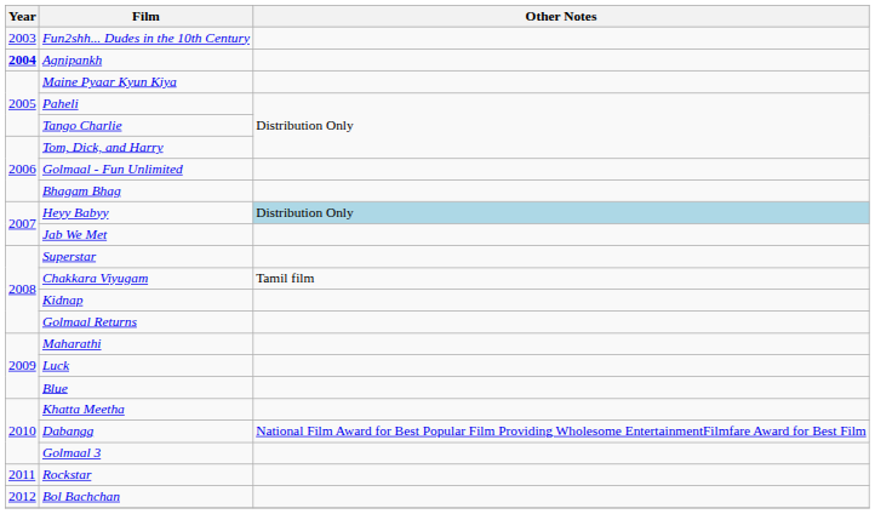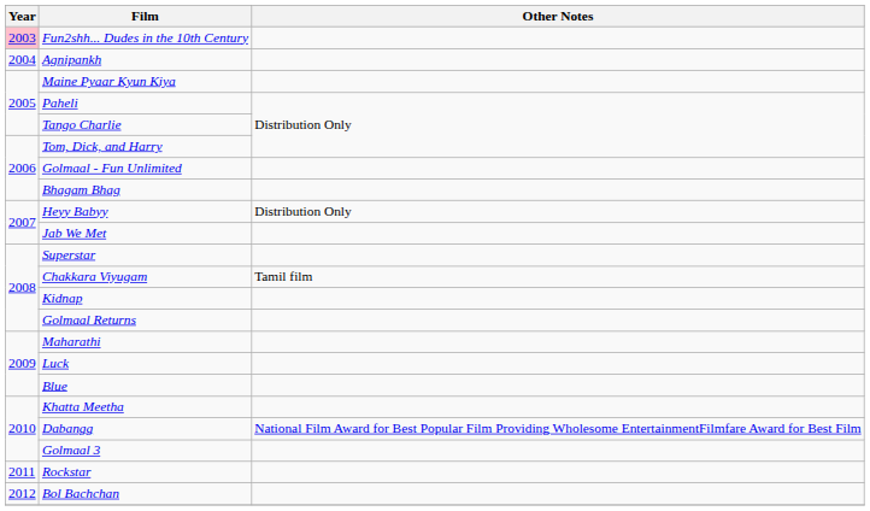 <table class="wikitable">
 <tr style="background:#ccc; text-align:center;">
 <th>Year</th>
 <th>Film</th>
 <th>Other Notes</th>
 </tr>
 <tr>
-<td><a href='#'>2003</a></td>
+<td style="background: pink;"><a href='#'>2003</a></td>
 <td><em><a href='#'>Fun2shh... Dudes in the 10th Century</a></em></td>
 <td></td>
 </tr>
 <tr>
-<td><strong><a href='#'>2004</a></strong></td>
+<td><a href='#'>2004</a></td>
 <td><em><a href='#'>Agnipankh</a></em></td>
 <td></td>
 </tr>
 <tr>
 <td rowspan="3"><a href='#'>2005</a></td>
 <td><em><a href='#'>Maine Pyaar Kyun Kiya</a></em></td>
 <td></td>
 </tr>
 <tr>
 <td><a href='#'><em>Paheli</em></a></td>
 <td rowspan="3">Distribution Only</td>
 </tr>
 <tr>
 <td><em><a href='#'>Tango Charlie</a></em></td>
 </tr>
 <tr>
 <td rowspan="3"><a href='#'>2006</a></td>
 <td><a href='#'><em>Tom, Dick, and Harry</em></a></td>
 </tr>
 <tr>
 <td><em><a href='#'>Golmaal - Fun Unlimited</a></em></td>
 <td></td>
 </tr>
 <tr>
 <td><em><a href='#'>Bhagam Bhag</a></em></td>
 <td></td>
 </tr>
 <tr>
 <td rowspan="2"><a href='#'>2007</a></td>
 <td><em><a href='#'>Heyy Babyy</a></em></td>
-<td style="background: lightblue;">Distribution Only</td>
+<td>Distribution Only</td>
 </tr>
 <tr>
 <td><em><a href='#'>Jab We Met</a></em></td>
 <td></td>
 </tr>
 <tr>
 <td rowspan="4"><a href='#'>2008</a></td>
 <td><em><a href='#'>Superstar</a></em></td>
 <td></td>
 </tr>
 <tr>
 <td><em><a href='#'>Chakkara Viyugam</a></em></td>
 <td>Tamil film</td>
 </tr>
 <tr>
 <td><em><a href='#'>Kidnap</a></em></td>
 <td></td>
 </tr>
 <tr>
 <td><em><a href='#'>Golmaal Returns</a></em></td>
 <td></td>
 </tr>
 <tr>
 <td rowspan="3"><a href='#'>2009</a></td>
 <td><em><a href='#'>Maharathi</a></em></td>
 <td></td>
 </tr>
 <tr>
 <td><em><a href='#'>Luck</a></em></td>
 <td></td>
 </tr>
 <tr>
 <td><em><a href='#'>Blue</a></em></td>
 <td></td>
 </tr>
 <tr>
 <td rowspan="3"><a href='#'>2010</a></td>
 <td><em><a href='#'>Khatta Meetha</a></em></td>
 <td></td>
 </tr>
 <tr>
 <td><em><a href='#'>Dabangg</a></em></td>
 <td><a href='#'>National Film Award for Best Popular Film Providing Wholesome Entertainment</a><a href='#'>Filmfare Award for Best Film</a></td>
 </tr>
 <tr>
 <td><em><a href='#'>Golmaal 3</a></em></td>
 <td></td>
 </tr>
 <tr>
 <td><a href='#'>2011</a></td>
 <td><em><a href='#'>Rockstar</a></em></td>
 <td></td>
 </tr>
 <tr>
 <td><a href='#'>2012</a></td>
 <td><em><a href='#'>Bol Bachchan</a></em></td>
 <td></td>
 </tr>
 <tr>
 </tr>
 </table>
